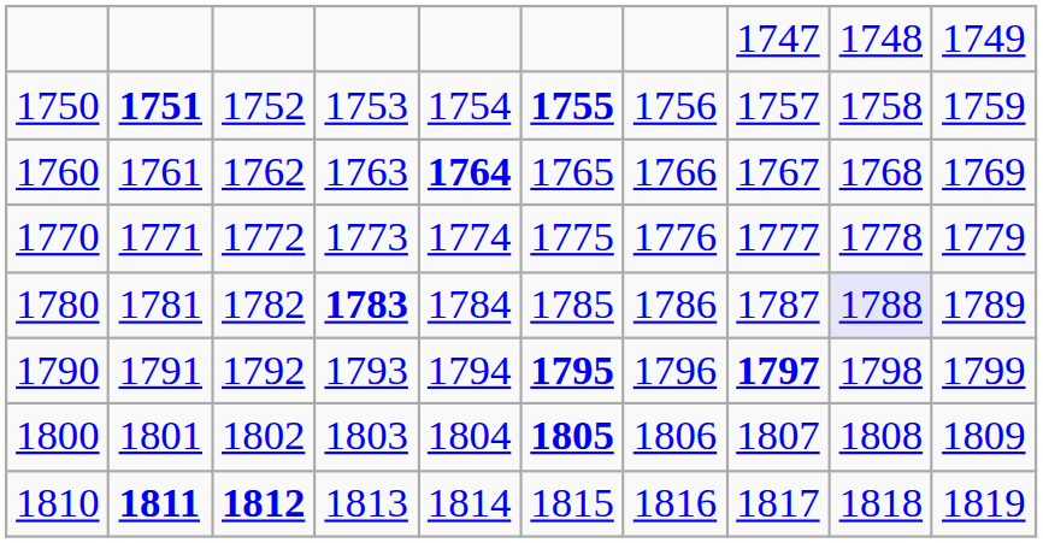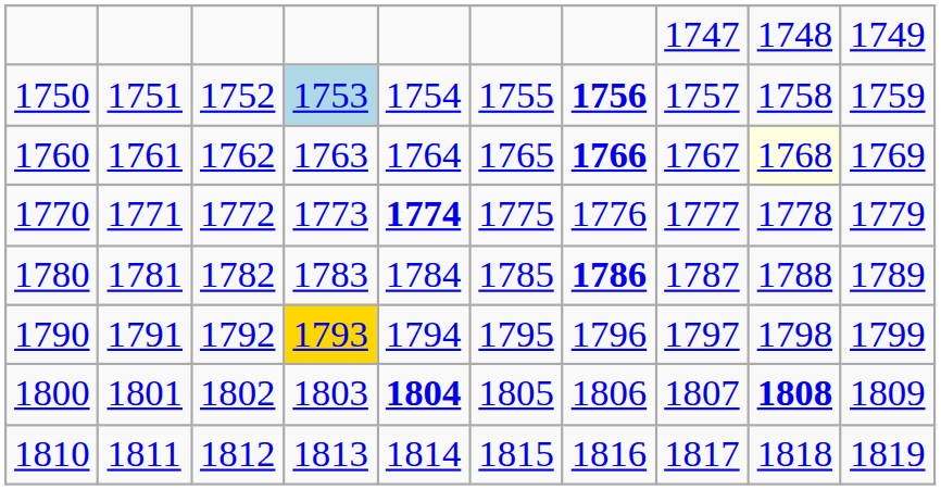 <table class="wikitable">
 <tr>
 <td></td>
 <td></td>
 <td></td>
 <td></td>
 <td></td>
 <td></td>
 <td></td>
 <td><a href='#'>1747</a></td>
 <td><a href='#'>1748</a></td>
 <td><a href='#'>1749</a></td>
 </tr>
 <tr>
 <td><a href='#'>1750</a></td>
-<td><strong><a href='#'>1751</a></strong></td>
+<td><a href='#'>1751</a></td>
 <td><a href='#'>1752</a></td>
-<td><a href='#'>1753</a></td>
+<td style="background: lightblue;"><a href='#'>1753</a></td>
 <td><a href='#'>1754</a></td>
-<td><strong><a href='#'>1755</a></strong></td>
-<td><a href='#'>1756</a></td>
+<td><a href='#'>1755</a></td>
+<td><strong><a href='#'>1756</a></strong></td>
 <td><a href='#'>1757</a></td>
 <td><a href='#'>1758</a></td>
 <td><a href='#'>1759</a></td>
 </tr>
 <tr>
 <td><a href='#'>1760</a></td>
 <td><a href='#'>1761</a></td>
 <td><a href='#'>1762</a></td>
 <td><a href='#'>1763</a></td>
-<td><strong><a href='#'>1764</a></strong></td>
+<td><a href='#'>1764</a></td>
 <td><a href='#'>1765</a></td>
-<td><a href='#'>1766</a></td>
+<td><strong><a href='#'>1766</a></strong></td>
 <td><a href='#'>1767</a></td>
-<td><a href='#'>1768</a></td>
+<td style="background: lightyellow;"><a href='#'>1768</a></td>
 <td><a href='#'>1769</a></td>
 </tr>
 <tr>
 <td><a href='#'>1770</a></td>
 <td><a href='#'>1771</a></td>
 <td><a href='#'>1772</a></td>
 <td><a href='#'>1773</a></td>
-<td><a href='#'>1774</a></td>
+<td><strong><a href='#'>1774</a></strong></td>
 <td><a href='#'>1775</a></td>
 <td><a href='#'>1776</a></td>
 <td><a href='#'>1777</a></td>
 <td><a href='#'>1778</a></td>
 <td><a href='#'>1779</a></td>
 </tr>
 <tr>
 <td><a href='#'>1780</a></td>
 <td><a href='#'>1781</a></td>
 <td><a href='#'>1782</a></td>
-<td><strong><a href='#'>1783</a></strong></td>
+<td><a href='#'>1783</a></td>
 <td><a href='#'>1784</a></td>
 <td><a href='#'>1785</a></td>
-<td><a href='#'>1786</a></td>
+<td><strong><a href='#'>1786</a></strong></td>
 <td><a href='#'>1787</a></td>
-<td style="background: lavender;"><a href='#'>1788</a></td>
+<td><a href='#'>1788</a></td>
 <td><a href='#'>1789</a></td>
 </tr>
 <tr>
 <td><a href='#'>1790</a></td>
 <td><a href='#'>1791</a></td>
 <td><a href='#'>1792</a></td>
-<td><a href='#'>1793</a></td>
+<td style="background: gold;"><a href='#'>1793</a></td>
 <td><a href='#'>1794</a></td>
-<td><strong><a href='#'>1795</a></strong></td>
+<td><a href='#'>1795</a></td>
 <td><a href='#'>1796</a></td>
-<td><strong><a href='#'>1797</a></strong></td>
+<td><a href='#'>1797</a></td>
 <td><a href='#'>1798</a></td>
 <td><a href='#'>1799</a></td>
 </tr>
 <tr>
 <td><a href='#'>1800</a></td>
 <td><a href='#'>1801</a></td>
 <td><a href='#'>1802</a></td>
 <td><a href='#'>1803</a></td>
-<td><a href='#'>1804</a></td>
-<td><strong><a href='#'>1805</a></strong></td>
+<td><strong><a href='#'>1804</a></strong></td>
+<td><a href='#'>1805</a></td>
 <td><a href='#'>1806</a></td>
 <td><a href='#'>1807</a></td>
-<td><a href='#'>1808</a></td>
+<td><strong><a href='#'>1808</a></strong></td>
 <td><a href='#'>1809</a></td>
 </tr>
 <tr>
 <td><a href='#'>1810</a></td>
-<td><strong><a href='#'>1811</a></strong></td>
-<td><strong><a href='#'>1812</a></strong></td>
+<td><a href='#'>1811</a></td>
+<td><a href='#'>1812</a></td>
 <td><a href='#'>1813</a></td>
 <td><a href='#'>1814</a></td>
 <td><a href='#'>1815</a></td>
 <td><a href='#'>1816</a></td>
 <td><a href='#'>1817</a></td>
 <td><a href='#'>1818</a></td>
 <td><a href='#'>1819</a></td>
 </tr>
 </table>
